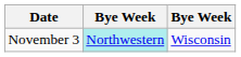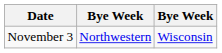 <table class="wikitable" style="font-size:95%;">
 <tr>
 <th>Date</th>
 <th>Bye Week</th>
 <th>Bye Week</th>
 </tr>
 <tr>
 <td>November 3</td>
-<td style="background: paleturquoise;"><a href='#'>Northwestern</a></td>
+<td><a href='#'>Northwestern</a></td>
 <td><a href='#'>Wisconsin</a></td>
 </tr>
 </table>
